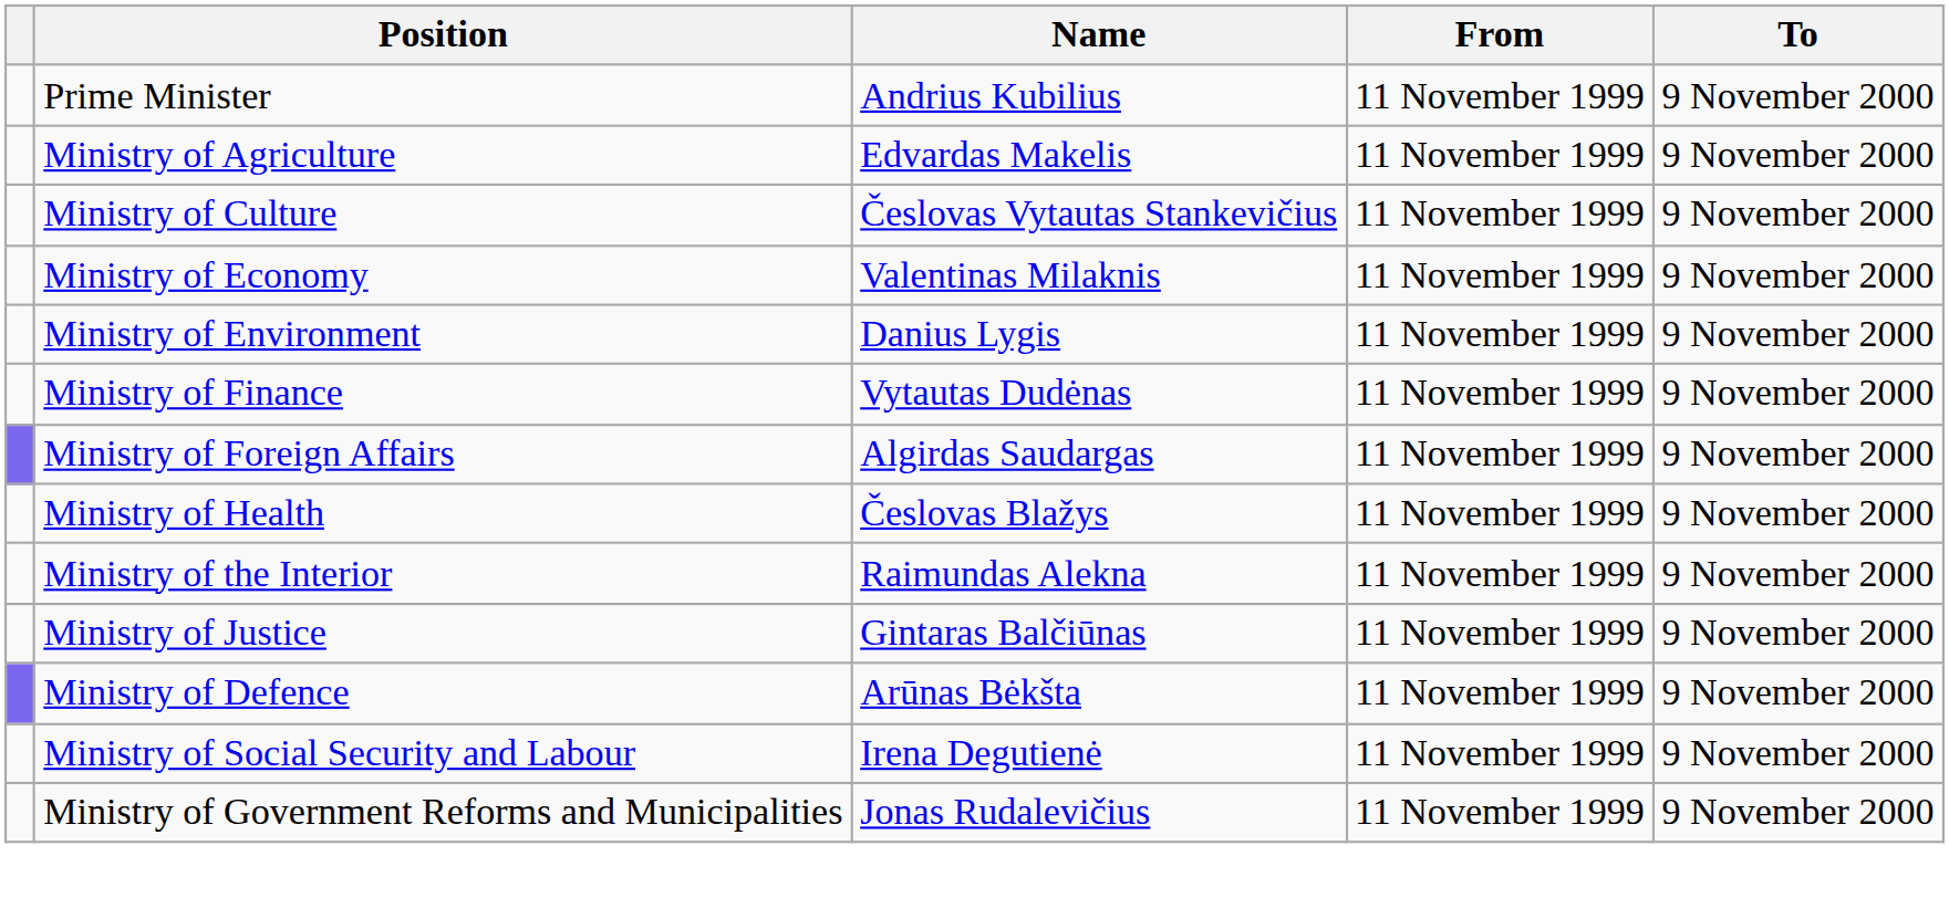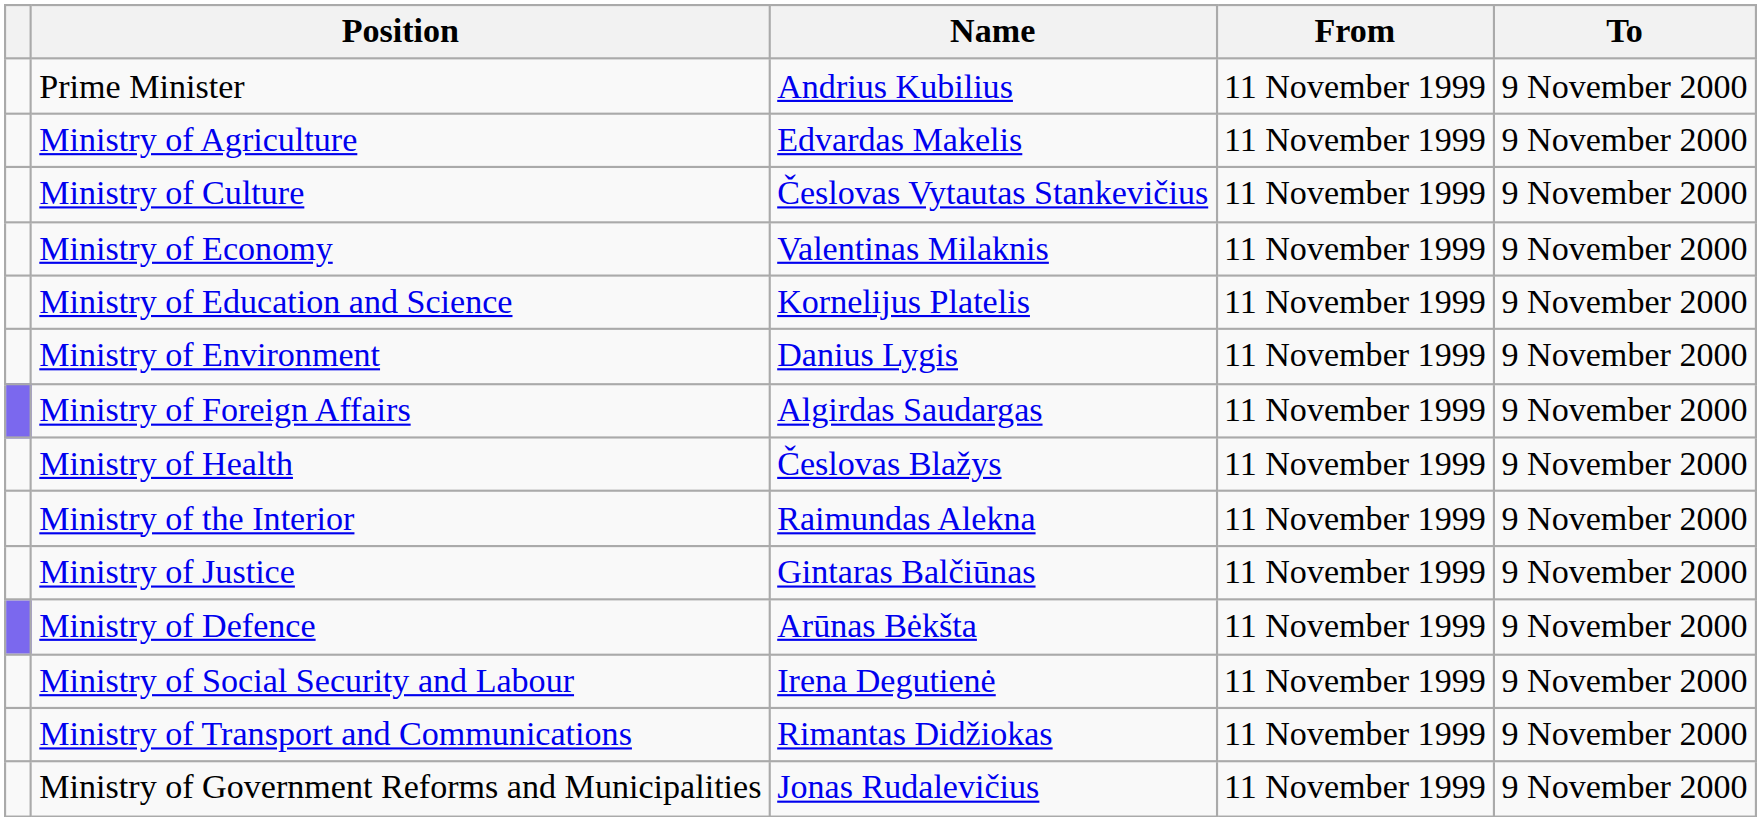 <table class="wikitable">
 <tr>
 <th></th>
 <th>Position</th>
 <th>Name</th>
 <th>From</th>
 <th>To</th>
 </tr>
 <tr>
 <td width=5px style="background-color: "></td>
 <td>Prime Minister</td>
 <td><a href='#'>Andrius Kubilius</a></td>
 <td>11 November 1999</td>
 <td>9 November 2000</td>
 </tr>
 <tr>
 <td width=5px style="background-color: "></td>
 <td><a href='#'>Ministry of Agriculture</a></td>
 <td><a href='#'>Edvardas Makelis</a></td>
 <td>11 November 1999</td>
 <td>9 November 2000</td>
 </tr>
 <tr>
 <td width=5px style="background-color: "></td>
 <td><a href='#'>Ministry of Culture</a></td>
 <td><a href='#'>Česlovas Vytautas Stankevičius</a></td>
 <td>11 November 1999</td>
 <td>9 November 2000</td>
 </tr>
 <tr>
 <td width=5px style="background-color: "></td>
 <td><a href='#'>Ministry of Economy</a></td>
 <td><a href='#'>Valentinas Milaknis</a></td>
 <td>11 November 1999</td>
 <td>9 November 2000</td>
 </tr>
 <tr>
 <td width=5px style="background-color: "></td>
-<td><a href='#'>Ministry of Environment</a></td>
-<td><a href='#'>Danius Lygis</a></td>
+<td><a href='#'>Ministry of Education and Science</a></td>
+<td><a href='#'>Kornelijus Platelis</a></td>
 <td>11 November 1999</td>
 <td>9 November 2000</td>
 </tr>
 <tr>
 <td width=5px style="background-color: "></td>
-<td><a href='#'>Ministry of Finance</a></td>
-<td><a href='#'>Vytautas Dudėnas</a></td>
+<td><a href='#'>Ministry of Environment</a></td>
+<td><a href='#'>Danius Lygis</a></td>
 <td>11 November 1999</td>
 <td>9 November 2000</td>
 </tr>
 <tr>
 <td width=5px style="background-color: #7B68EE"></td>
 <td><a href='#'>Ministry of Foreign Affairs</a></td>
 <td><a href='#'>Algirdas Saudargas</a></td>
 <td>11 November 1999</td>
 <td>9 November 2000</td>
 </tr>
 <tr>
 <td width=5px style="background-color: "></td>
 <td><a href='#'>Ministry of Health</a></td>
 <td><a href='#'>Česlovas Blažys</a></td>
 <td>11 November 1999</td>
 <td>9 November 2000</td>
 </tr>
 <tr>
 <td width=5px style="background-color: "></td>
 <td><a href='#'>Ministry of the Interior</a></td>
 <td><a href='#'>Raimundas Alekna</a></td>
 <td>11 November 1999</td>
 <td>9 November 2000</td>
 </tr>
 <tr>
 <td width=5px style="background-color: "></td>
 <td><a href='#'>Ministry of Justice</a></td>
 <td><a href='#'>Gintaras Balčiūnas</a></td>
 <td>11 November 1999</td>
 <td>9 November 2000</td>
 </tr>
 <tr>
 <td width=5px style="background-color: #7B68EE"></td>
 <td><a href='#'>Ministry of Defence</a></td>
 <td><a href='#'>Arūnas Bėkšta</a></td>
 <td>11 November 1999</td>
 <td>9 November 2000</td>
 </tr>
 <tr>
 <td width=5px style="background-color: "></td>
 <td><a href='#'>Ministry of Social Security and Labour</a></td>
 <td><a href='#'>Irena Degutienė</a></td>
 <td>11 November 1999</td>
 <td>9 November 2000</td>
 </tr>
 <tr>
 <td width=5px style="background-color: "></td>
+<td><a href='#'>Ministry of Transport and Communications</a></td>
+<td><a href='#'>Rimantas Didžiokas</a></td>
+<td>11 November 1999</td>
+<td>9 November 2000</td>
+</tr>
+<tr>
+<td width=5px style="background-color: "></td>
 <td>Ministry of Government Reforms and Municipalities</td>
 <td><a href='#'>Jonas Rudalevičius</a></td>
 <td>11 November 1999</td>
 <td>9 November 2000</td>
 </tr>
 </table>
